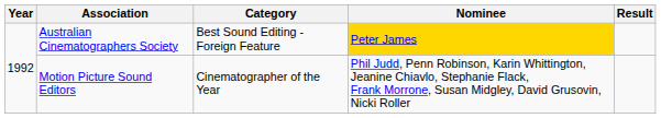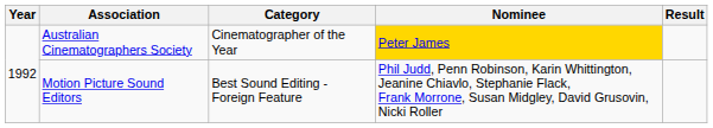 <table class="wikitable plainrowheaders sortable" width="100%">
 <tr>
 <th>Year</th>
 <th>Association</th>
 <th>Category</th>
 <th>Nominee</th>
 <th>Result</th>
 </tr>
 <tr>
 <td rowspan="2">1992</td>
 <td><a href='#'>Australian Cinematographers Society</a></td>
-<td>Best Sound Editing - Foreign Feature</td>
+<td>Cinematographer of the Year</td>
 <td style="background: gold;"><a href='#'>Peter James</a></td>
 <td></td>
 </tr>
 <tr>
 <td><a href='#'>Motion Picture Sound Editors</a></td>
-<td>Cinematographer of the Year</td>
+<td>Best Sound Editing - Foreign Feature</td>
 <td><a href='#'>Phil Judd</a>, Penn Robinson, Karin Whittington, Jeanine Chiavlo, Stephanie Flack,<br><a href='#'>Frank Morrone</a>, Susan Midgley, David Grusovin, Nicki Roller</td>
 <td></td>
 </tr>
 </table>
